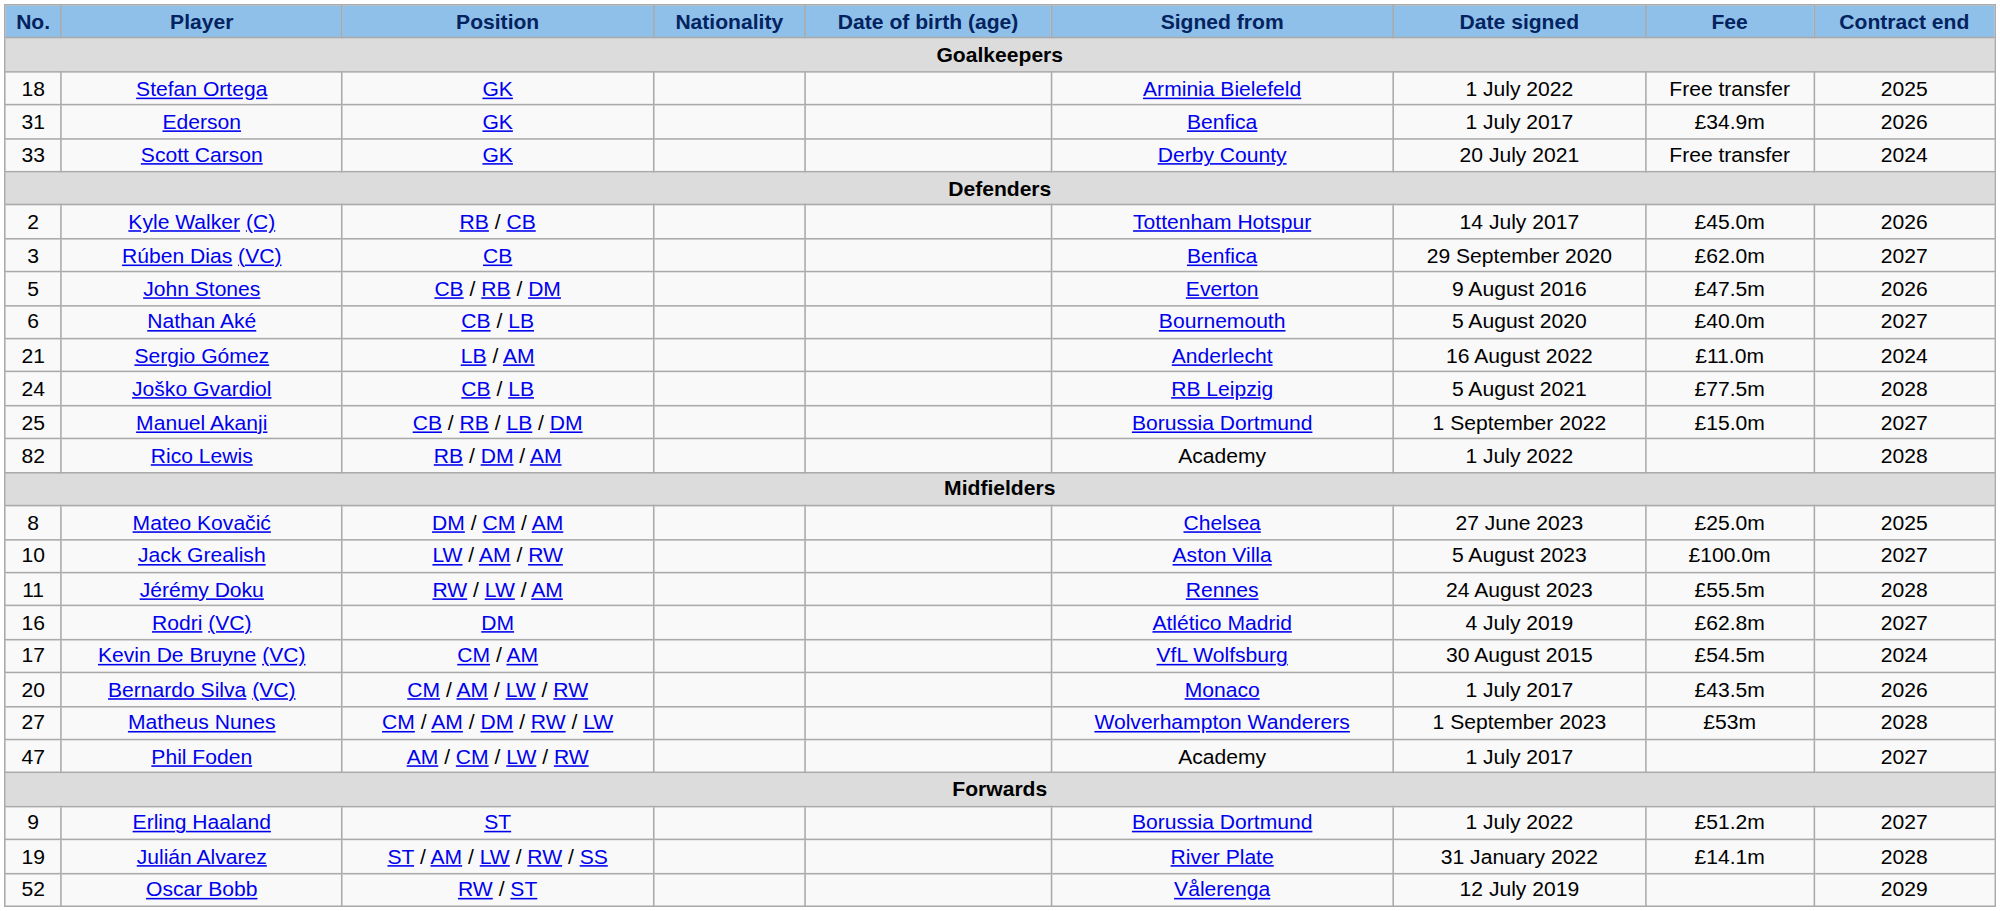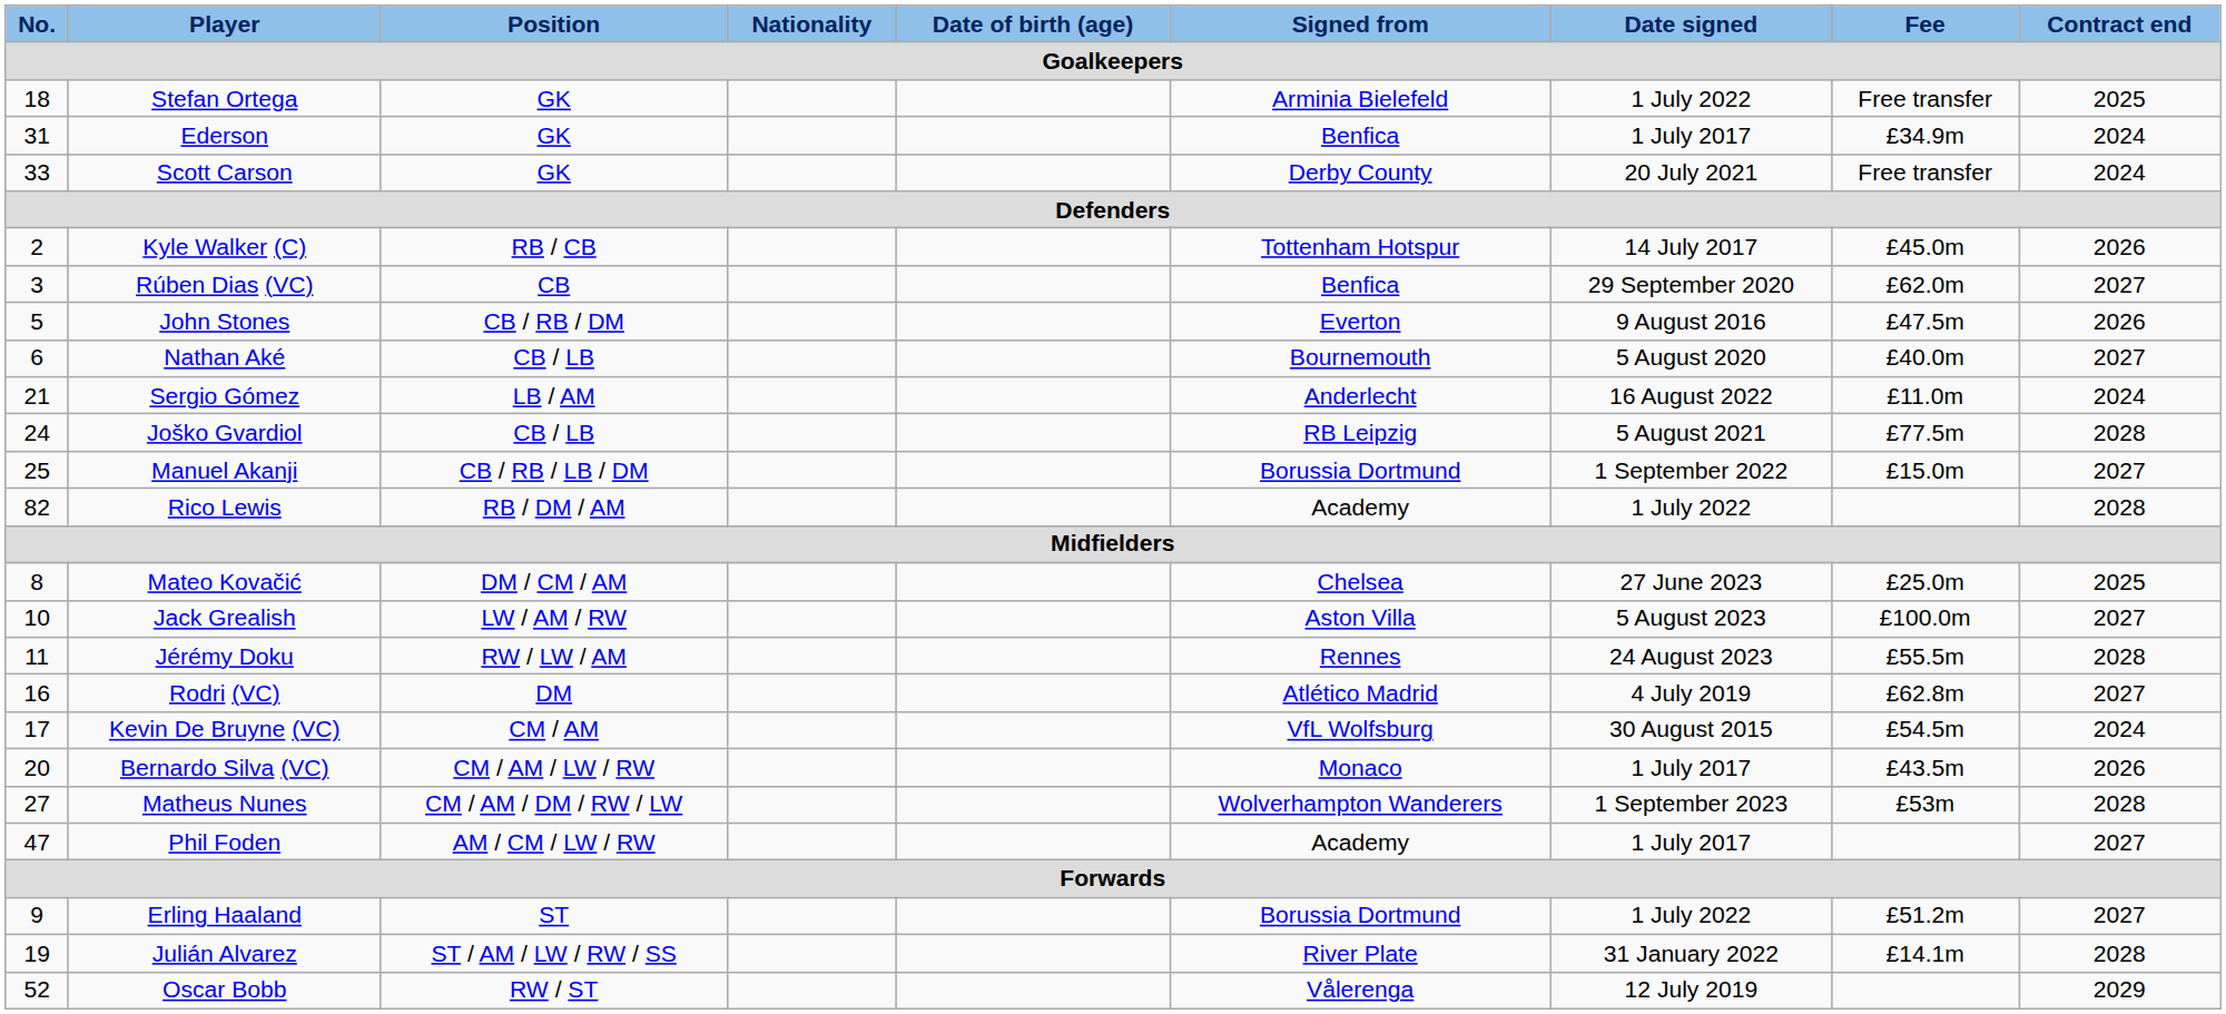 <table class="wikitable" style="text-align:center; font-size:84.5%; width:101%;">
 <tr>
 <th style="background:#8FC0E9;color:#022360; text-align:center;">No.</th>
 <th style="background:#8FC0E9;color:#022360; text-align:center;">Player</th>
 <th style="background:#8FC0E9;color:#022360; text-align:center;">Position</th>
 <th style="background:#8FC0E9;color:#022360; text-align:center;">Nationality</th>
 <th style="background:#8FC0E9;color:#022360; text-align:center;">Date of birth (age)</th>
 <th style="background:#8FC0E9;color:#022360; text-align:center;">Signed from</th>
 <th style="background:#8FC0E9;color:#022360; text-align:center;">Date signed</th>
 <th style="background:#8FC0E9;color:#022360; text-align:center;">Fee</th>
 <th style="background:#8FC0E9;color:#022360; text-align:center;">Contract end</th>
 </tr>
 <tr>
 <th colspan="11" style="background:#dcdcdc; tepxt-align:center;">Goalkeepers</th>
 </tr>
 <tr>
 <td>18</td>
 <td><a href='#'>Stefan Ortega</a></td>
 <td><a href='#'>GK</a></td>
 <td></td>
 <td></td>
 <td> <a href='#'>Arminia Bielefeld</a></td>
 <td>1 July 2022</td>
 <td>Free transfer</td>
 <td>2025</td>
 </tr>
 <tr>
 <td>31</td>
 <td><a href='#'>Ederson</a></td>
 <td><a href='#'>GK</a></td>
 <td></td>
 <td></td>
 <td> <a href='#'>Benfica</a></td>
 <td>1 July 2017</td>
 <td>£34.9m</td>
-<td>2026</td>
+<td>2024</td>
 </tr>
 <tr>
 <td>33</td>
 <td><a href='#'>Scott Carson</a></td>
 <td><a href='#'>GK</a></td>
 <td></td>
 <td></td>
 <td><a href='#'>Derby County</a></td>
 <td>20 July 2021</td>
 <td>Free transfer</td>
 <td>2024</td>
 </tr>
 <tr>
 <th colspan="11" style="background:#dcdcdc; tepxt-align:center;">Defenders</th>
 </tr>
 <tr>
 <td>2</td>
 <td><a href='#'>Kyle Walker</a> <a href='#'>(C)</a></td>
 <td><a href='#'>RB</a> / <a href='#'>CB</a></td>
 <td></td>
 <td></td>
 <td><a href='#'>Tottenham Hotspur</a></td>
 <td>14 July 2017</td>
 <td>£45.0m</td>
 <td>2026</td>
 </tr>
 <tr>
 <td>3</td>
 <td><a href='#'>Rúben Dias</a> <a href='#'>(VC)</a></td>
 <td><a href='#'>CB</a></td>
 <td></td>
 <td></td>
 <td> <a href='#'>Benfica</a></td>
 <td>29 September 2020</td>
 <td>£62.0m</td>
 <td>2027</td>
 </tr>
 <tr>
 <td>5</td>
 <td><a href='#'>John Stones</a></td>
 <td><a href='#'>CB</a> / <a href='#'>RB</a> / <a href='#'>DM</a></td>
 <td></td>
 <td></td>
 <td><a href='#'>Everton</a></td>
 <td>9 August 2016</td>
 <td>£47.5m</td>
 <td>2026</td>
 </tr>
 <tr>
 <td>6</td>
 <td><a href='#'>Nathan Aké</a></td>
 <td><a href='#'>CB</a> / <a href='#'>LB</a></td>
 <td></td>
 <td></td>
 <td><a href='#'>Bournemouth</a></td>
 <td>5 August 2020</td>
 <td>£40.0m</td>
 <td>2027</td>
 </tr>
 <tr>
 <td>21</td>
 <td><a href='#'>Sergio Gómez</a></td>
 <td><a href='#'>LB</a> / <a href='#'>AM</a></td>
 <td></td>
 <td></td>
 <td> <a href='#'>Anderlecht</a></td>
 <td>16 August 2022</td>
 <td>£11.0m</td>
 <td>2024</td>
 </tr>
 <tr>
 <td>24</td>
 <td><a href='#'>Joško Gvardiol</a></td>
 <td><a href='#'>CB</a>  / <a href='#'>LB</a></td>
 <td></td>
 <td></td>
 <td> <a href='#'>RB Leipzig</a></td>
 <td>5 August 2021</td>
 <td>£77.5m</td>
 <td>2028</td>
 </tr>
 <tr>
 <td>25</td>
 <td><a href='#'>Manuel Akanji</a></td>
 <td><a href='#'>CB</a> / <a href='#'>RB</a> / <a href='#'>LB</a> / <a href='#'>DM</a></td>
 <td></td>
 <td></td>
 <td> <a href='#'>Borussia Dortmund</a></td>
 <td>1 September 2022</td>
 <td>£15.0m</td>
 <td>2027</td>
 </tr>
 <tr>
 <td>82</td>
 <td><a href='#'>Rico Lewis</a></td>
 <td><a href='#'>RB</a> / <a href='#'>DM</a> / <a href='#'>AM</a></td>
 <td></td>
 <td></td>
 <td>Academy</td>
 <td>1 July 2022</td>
 <td></td>
 <td>2028</td>
 </tr>
 <tr>
 <th colspan="11" style="background:#dcdcdc; tepxt-align:center;">Midfielders</th>
 </tr>
 <tr>
 <td>8</td>
 <td><a href='#'>Mateo Kovačić</a></td>
 <td><a href='#'>DM</a> / <a href='#'>CM</a> / <a href='#'>AM</a></td>
 <td></td>
 <td></td>
 <td><a href='#'>Chelsea</a></td>
 <td>27 June 2023</td>
 <td>£25.0m</td>
 <td>2025</td>
 </tr>
 <tr>
 <td>10</td>
 <td><a href='#'>Jack Grealish</a></td>
 <td><a href='#'>LW</a> / <a href='#'>AM</a> / <a href='#'>RW</a></td>
 <td></td>
 <td></td>
 <td><a href='#'>Aston Villa</a></td>
 <td>5 August 2023</td>
 <td>£100.0m</td>
 <td>2027</td>
 </tr>
 <tr>
 <td>11</td>
 <td><a href='#'>Jérémy Doku</a></td>
 <td><a href='#'>RW</a> / <a href='#'>LW</a> / <a href='#'>AM</a></td>
 <td></td>
 <td></td>
 <td> <a href='#'>Rennes</a></td>
 <td>24 August 2023</td>
 <td>£55.5m</td>
 <td>2028</td>
 </tr>
 <tr>
 <td>16</td>
 <td><a href='#'>Rodri</a> <a href='#'>(VC)</a></td>
 <td><a href='#'>DM</a></td>
 <td></td>
 <td></td>
 <td> <a href='#'>Atlético Madrid</a></td>
 <td>4 July 2019</td>
 <td>£62.8m</td>
 <td>2027</td>
 </tr>
 <tr>
 <td>17</td>
 <td><a href='#'>Kevin De Bruyne</a> <a href='#'>(VC)</a></td>
 <td><a href='#'>CM</a> / <a href='#'>AM</a></td>
 <td></td>
 <td></td>
 <td> <a href='#'>VfL Wolfsburg</a></td>
 <td>30 August 2015</td>
 <td>£54.5m</td>
 <td>2024</td>
 </tr>
 <tr>
 <td>20</td>
 <td><a href='#'>Bernardo Silva</a> <a href='#'>(VC)</a></td>
 <td><a href='#'>CM</a> / <a href='#'>AM</a> / <a href='#'>LW</a> / <a href='#'>RW</a></td>
 <td></td>
 <td></td>
 <td> <a href='#'>Monaco</a></td>
 <td>1 July 2017</td>
 <td>£43.5m</td>
 <td>2026</td>
 </tr>
 <tr>
 <td>27</td>
 <td><a href='#'>Matheus Nunes</a></td>
 <td><a href='#'>CM</a> / <a href='#'>AM</a> / <a href='#'>DM</a> / <a href='#'>RW</a> / <a href='#'>LW</a></td>
 <td></td>
 <td></td>
 <td><a href='#'>Wolverhampton Wanderers</a></td>
 <td>1 September 2023</td>
 <td>£53m</td>
 <td>2028</td>
 </tr>
 <tr>
 <td>47</td>
 <td><a href='#'>Phil Foden</a></td>
 <td><a href='#'>AM</a> / <a href='#'>CM</a> / <a href='#'>LW</a> / <a href='#'>RW</a></td>
 <td></td>
 <td></td>
 <td>Academy</td>
 <td>1 July 2017</td>
 <td></td>
 <td>2027</td>
 </tr>
 <tr>
 <th colspan="11" style="background:#dcdcdc; tepxt-align:center;">Forwards</th>
 </tr>
 <tr>
 <td>9</td>
 <td><a href='#'>Erling Haaland</a></td>
 <td><a href='#'>ST</a></td>
 <td></td>
 <td></td>
 <td> <a href='#'>Borussia Dortmund</a></td>
 <td>1 July 2022</td>
 <td>£51.2m</td>
 <td>2027</td>
 </tr>
 <tr>
 <td>19</td>
 <td><a href='#'>Julián Alvarez</a></td>
 <td><a href='#'>ST</a> / <a href='#'>AM</a> / <a href='#'>LW</a> / <a href='#'>RW</a> / <a href='#'>SS</a></td>
 <td></td>
 <td></td>
 <td> <a href='#'>River Plate</a></td>
 <td>31 January 2022</td>
 <td>£14.1m</td>
 <td>2028</td>
 </tr>
 <tr>
 <td>52</td>
 <td><a href='#'>Oscar Bobb</a></td>
 <td><a href='#'>RW</a> / <a href='#'>ST</a></td>
 <td></td>
 <td></td>
 <td> <a href='#'>Vålerenga</a></td>
 <td>12 July 2019</td>
 <td></td>
 <td>2029</td>
 </tr>
 <tr>
 </tr>
 </table>
